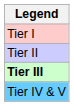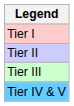 <table class=wikitable style=font-size:90%>
 <tr>
 <th>Legend</th>
 </tr>
 <tr>
 <td style="background:#fcc;">Tier I</td>
 </tr>
 <tr>
 <td style="background:#ccf;">Tier II</td>
 </tr>
 <tr>
-<td style="background:#cfc;"><strong>Tier III</strong></td>
+<td style="background:#cfc;">Tier III</td>
 </tr>
 <tr>
 <td style="background:#6cf;">Tier IV & V</td>
 </tr>
 </table>
